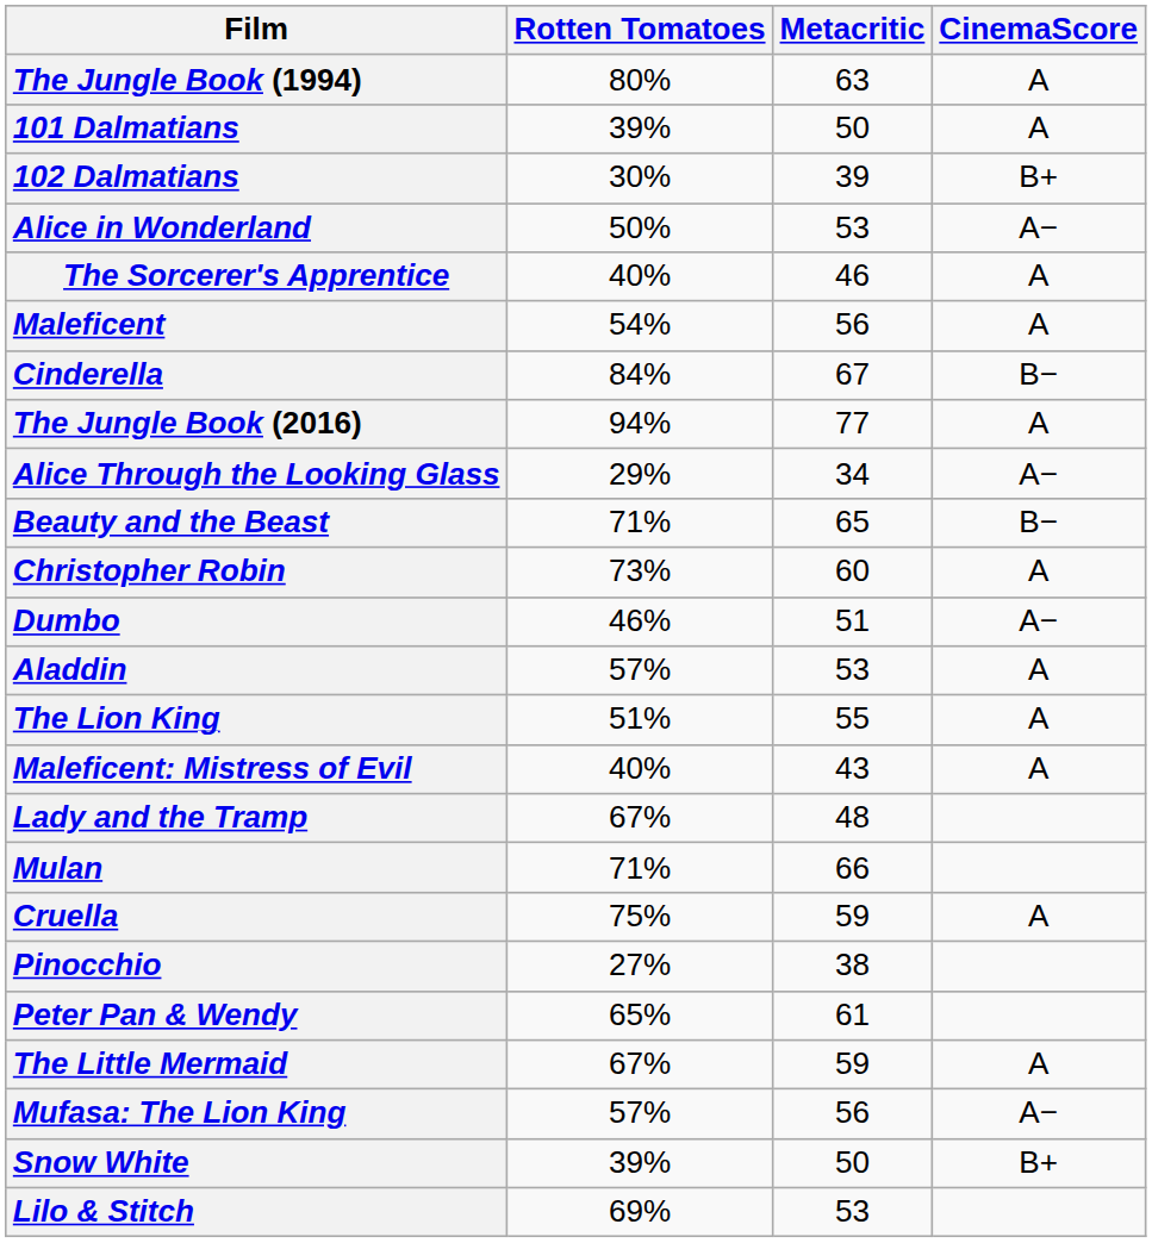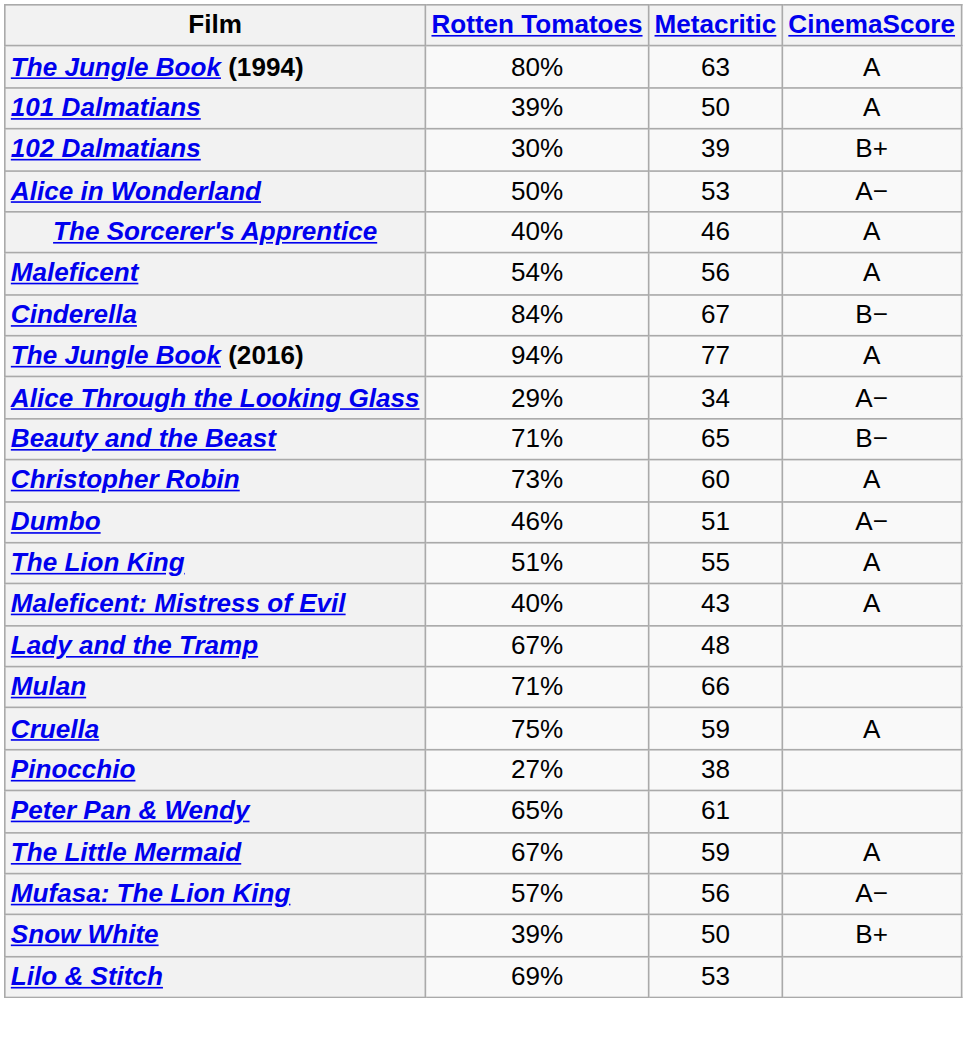 <table class="wikitable plainrowheaders sortable" style="text-align: center">
 <tr>
 <th scope="col">Film</th>
 <th scope="col"><a href='#'>Rotten Tomatoes</a></th>
 <th scope="col"><a href='#'>Metacritic</a></th>
 <th scope="col"><a href='#'>CinemaScore</a></th>
 </tr>
 <tr>
 <th scope="row" style="text-align:left"><em><a href='#'>The Jungle Book</a></em> (1994)</th>
 <td>80%</td>
 <td>63</td>
 <td>A</td>
 </tr>
 <tr>
 <th scope="row" style="text-align:left"><em><a href='#'>101 Dalmatians</a></em></th>
 <td>39%</td>
 <td>50</td>
 <td>A</td>
 </tr>
 <tr>
 <th scope="row" style="text-align:left"><em><a href='#'>102 Dalmatians</a></em></th>
 <td>30%</td>
 <td>39</td>
 <td>B+</td>
 </tr>
 <tr>
 <th scope="row" style="text-align:left"><em><a href='#'>Alice in Wonderland</a></em></th>
 <td>50%</td>
 <td>53</td>
 <td>A−</td>
 </tr>
 <tr>
 <th scope="row" style="text- align:left"><em><a href='#'>The Sorcerer's Apprentice</a></em></th>
 <td>40%</td>
 <td>46</td>
 <td>A</td>
 </tr>
 <tr>
 <th scope="row" style="text-align:left"><em><a href='#'>Maleficent</a></em></th>
 <td>54%</td>
 <td>56</td>
 <td>A</td>
 </tr>
 <tr>
 <th scope="row" style="text-align:left"><em><a href='#'>Cinderella</a></em></th>
 <td>84%</td>
 <td>67</td>
 <td>B−</td>
 </tr>
 <tr>
 <th scope="row" style="text-align:left"><em><a href='#'>The Jungle Book</a></em> (2016)</th>
 <td>94%</td>
 <td>77</td>
 <td>A</td>
 </tr>
 <tr>
 <th scope="row" style="text-align:left"><em><a href='#'>Alice Through the Looking Glass</a></em></th>
 <td>29%</td>
 <td>34</td>
 <td>A−</td>
 </tr>
 <tr>
 <th scope="row" style="text-align:left"><em><a href='#'>Beauty and the Beast</a></em></th>
 <td>71%</td>
 <td>65</td>
 <td>B−</td>
 </tr>
 <tr>
 <th scope="row" style="text-align:left"><em><a href='#'>Christopher Robin</a></em></th>
 <td>73%</td>
 <td>60</td>
 <td>A</td>
 </tr>
 <tr>
 <th scope="row" style="text-align:left"><em><a href='#'>Dumbo</a></em></th>
 <td>46%</td>
 <td>51</td>
 <td>A−</td>
 </tr>
 <tr>
-<th scope="row" style="text-align:left"><em><a href='#'>Aladdin</a></em></th>
-<td>57%</td>
-<td>53</td>
-<td>A</td>
-</tr>
-<tr>
 <th scope="row" style="text-align:left"><em><a href='#'>The Lion King</a></em></th>
 <td>51%</td>
 <td>55</td>
 <td>A</td>
 </tr>
 <tr>
 <th scope="row" style="text-align:left"><em><a href='#'>Maleficent: Mistress of Evil</a></em></th>
 <td>40%</td>
 <td>43</td>
 <td>A</td>
 </tr>
 <tr>
 <th scope="row" style="text-align:left"><em><a href='#'>Lady and the Tramp</a></em></th>
 <td>67%</td>
 <td>48</td>
 <td></td>
 </tr>
 <tr>
 <th scope="row" style="text-align:left"><em><a href='#'>Mulan</a></em></th>
 <td>71%</td>
 <td>66</td>
 <td></td>
 </tr>
 <tr>
 <th scope="row" style="text-align:left"><em><a href='#'>Cruella</a></em></th>
 <td>75%</td>
 <td>59</td>
 <td>A</td>
 </tr>
 <tr>
 <th scope="row" style="text-align:left"><em><a href='#'>Pinocchio</a></em></th>
 <td>27%</td>
 <td>38</td>
 <td></td>
 </tr>
 <tr>
 <th scope="row" style="text-align:left"><em><a href='#'>Peter Pan & Wendy</a></em></th>
 <td>65%</td>
 <td>61</td>
 <td></td>
 </tr>
 <tr>
 <th scope="row" style="text-align:left"><em><a href='#'>The Little Mermaid</a></em></th>
 <td>67%</td>
 <td>59</td>
 <td>A</td>
 </tr>
 <tr>
 <th scope="row" style="text-align:left"><em><a href='#'>Mufasa: The Lion King</a></em></th>
 <td>57%</td>
 <td>56</td>
 <td>A−</td>
 </tr>
 <tr>
 <th scope="row" style="text-align:left"><em><a href='#'>Snow White</a></em></th>
 <td>39%</td>
 <td>50</td>
 <td>B+</td>
 </tr>
 <tr>
 <th scope="row" style="text-align:left"><em><a href='#'>Lilo & Stitch</a></em></th>
 <td>69%</td>
 <td>53</td>
 <td></td>
 </tr>
 </table>
